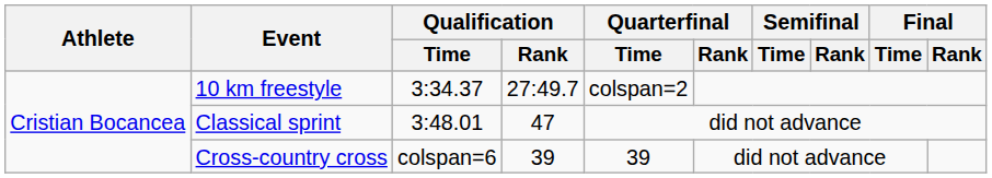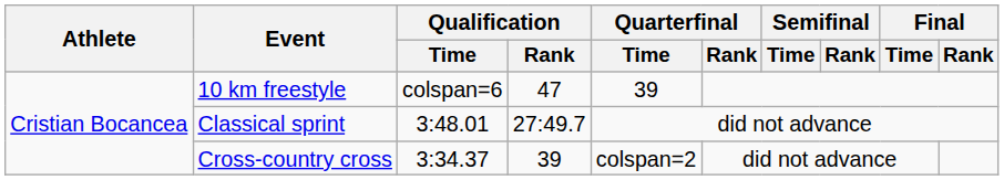 <table class="wikitable" style="font-size:90%">
 <tr>
 <th rowspan="2">Athlete</th>
 <th rowspan="2">Event</th>
 <th colspan="2">Qualification</th>
 <th colspan="2">Quarterfinal</th>
 <th colspan="2">Semifinal</th>
 <th colspan="2">Final</th>
 </tr>
 <tr style="font-size:95%">
 <th>Time</th>
 <th>Rank</th>
 <th>Time</th>
 <th>Rank</th>
 <th>Time</th>
 <th>Rank</th>
 <th>Time</th>
 <th>Rank</th>
 </tr>
 <tr align=center>
 <td align=left rowspan=3><a href='#'>Cristian Bocancea</a></td>
 <td align=left><a href='#'>10 km freestyle</a></td>
-<td>3:34.37</td>
-<td>27:49.7</td>
-<td>colspan=2 </td>
+<td>colspan=6 </td>
+<td>47</td>
+<td>39</td>
 </tr>
 <tr align=center>
 <td align=left><a href='#'>Classical sprint</a></td>
 <td>3:48.01</td>
-<td>47</td>
+<td>27:49.7</td>
 <td colspan=6>did not advance</td>
 </tr>
 <tr align=center>
 <td align=left><a href='#'>Cross-country cross</a></td>
-<td>colspan=6 </td>
+<td>3:34.37</td>
 <td>39</td>
-<td>39</td>
+<td>colspan=2 </td>
 <td colspan=4>did not advance</td>
 </tr>
 </table>
